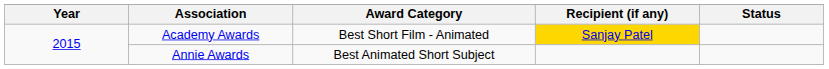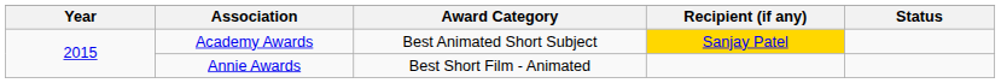 <table class="wikitable sortable" style="text-align: center">
 <tr>
 </tr>
 <tr>
 <th width="150"><strong>Year</strong></th>
 <th width="200"><strong>Association</strong></th>
 <th width="300"><strong>Award Category</strong></th>
 <th width="200"><strong>Recipient (if any)</strong></th>
 <th width="150"><strong>Status</strong></th>
 </tr>
 <tr>
 <td rowspan=2><a href='#'>2015</a></td>
 <td><a href='#'>Academy Awards</a></td>
-<td>Best Short Film - Animated</td>
+<td>Best Animated Short Subject</td>
 <td style="background: gold;"><a href='#'>Sanjay Patel</a></td>
 <td></td>
 </tr>
 <tr>
 <td><a href='#'>Annie Awards</a></td>
-<td>Best Animated Short Subject</td>
+<td>Best Short Film - Animated</td>
 <td></td>
 <td></td>
 </tr>
 </table>
